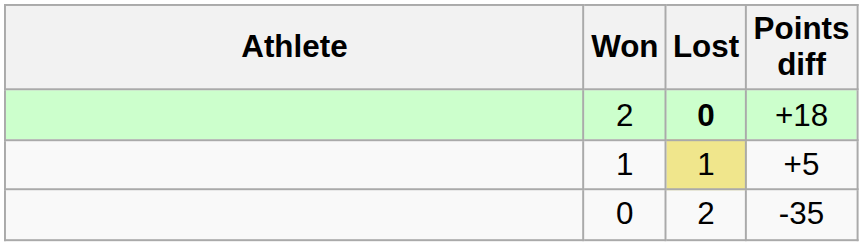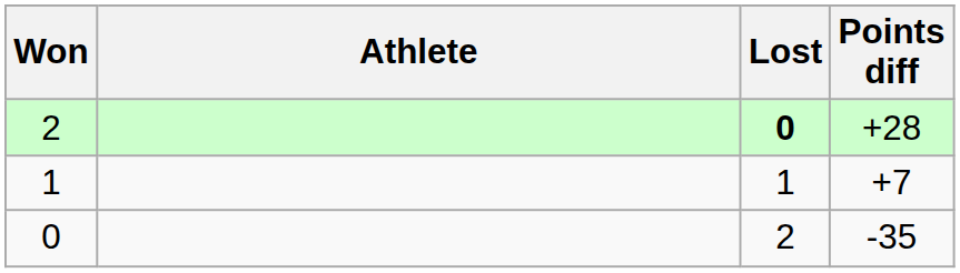 <table class="wikitable">
 <tr>
+<th>Won</th>
 <th style="width:18em">Athlete</th>
-<th>Won</th>
 <th>Lost</th>
 <th>Points<br>diff</th>
 </tr>
 <tr bgcolor="#ccffcc">
+<td align="center">2</td>
 <td></td>
-<td align="center">2</td>
 <td align="center"><strong>0</strong></td>
-<td align="center">+18</td>
+<td align="center">+28</td>
 </tr>
 <tr>
+<td align="center">1</td>
 <td></td>
 <td align="center">1</td>
-<td align="center" style="background: khaki;">1</td>
-<td align="center">+5</td>
+<td align="center">+7</td>
 </tr>
 <tr>
+<td align="center">0</td>
 <td></td>
-<td align="center">0</td>
 <td align="center">2</td>
 <td align="center">-35</td>
 </tr>
 </table>
